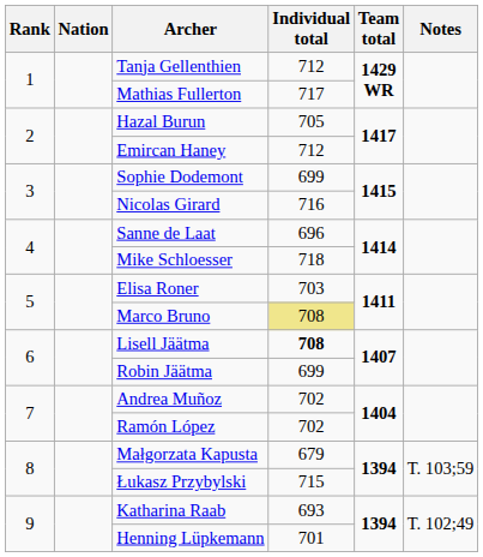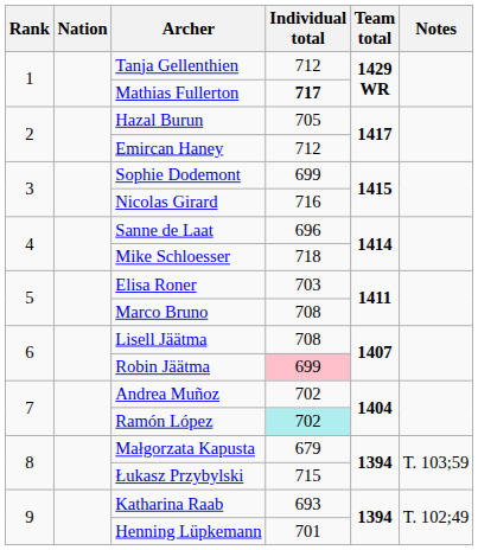 <table class="wikitable sortable" style="text-align:center">
 <tr>
 <th>Rank</th>
 <th>Nation</th>
 <th>Archer</th>
 <th>Individual<br>total</th>
 <th>Team<br>total</th>
 <th class=unsortable>Notes</th>
 </tr>
 <tr>
 <td rowspan=2>1</td>
 <td rowspan=2 align=left></td>
 <td align=left><a href='#'>Tanja Gellenthien</a></td>
 <td>712</td>
 <td rowspan=2><strong>1429<br>WR</strong></td>
 <td rowspan=2></td>
 </tr>
 <tr>
 <td align=left><a href='#'>Mathias Fullerton</a></td>
-<td>717</td>
+<td><strong>717</strong></td>
 </tr>
 <tr>
 <td rowspan=2>2</td>
 <td rowspan=2 align=left></td>
 <td align=left><a href='#'>Hazal Burun</a></td>
 <td>705</td>
 <td rowspan=2><strong>1417</strong></td>
 <td rowspan=2></td>
 </tr>
 <tr>
 <td align=left><a href='#'>Emircan Haney</a></td>
 <td>712</td>
 </tr>
 <tr>
 <td rowspan=2>3</td>
 <td rowspan=2 align=left></td>
 <td align=left><a href='#'>Sophie Dodemont</a></td>
 <td>699</td>
 <td rowspan=2><strong>1415</strong></td>
 <td rowspan=2></td>
 </tr>
 <tr>
 <td align=left><a href='#'>Nicolas Girard</a></td>
 <td>716</td>
 </tr>
 <tr>
 <td rowspan=2>4</td>
 <td rowspan=2 align=left></td>
 <td align=left><a href='#'>Sanne de Laat</a></td>
 <td>696</td>
 <td rowspan=2><strong>1414</strong></td>
 <td rowspan=2></td>
 </tr>
 <tr>
 <td align=left><a href='#'>Mike Schloesser</a></td>
 <td>718</td>
 </tr>
 <tr>
 <td rowspan=2>5</td>
 <td rowspan=2 align=left></td>
 <td align=left><a href='#'>Elisa Roner</a></td>
 <td>703</td>
 <td rowspan=2><strong>1411</strong></td>
 <td rowspan=2></td>
 </tr>
 <tr>
 <td align=left><a href='#'>Marco Bruno</a></td>
-<td style="background: khaki;">708</td>
+<td>708</td>
 </tr>
 <tr>
 <td rowspan=2>6</td>
 <td rowspan=2 align=left></td>
 <td align=left><a href='#'>Lisell Jäätma</a></td>
-<td><strong>708</strong></td>
+<td>708</td>
 <td rowspan=2><strong>1407</strong></td>
 <td rowspan=2></td>
 </tr>
 <tr>
 <td align=left><a href='#'>Robin Jäätma</a></td>
-<td>699</td>
+<td style="background: pink;">699</td>
 </tr>
 <tr>
 <td rowspan=2>7</td>
 <td rowspan=2 align=left></td>
 <td align=left><a href='#'>Andrea Muñoz</a></td>
 <td>702</td>
 <td rowspan=2><strong>1404</strong></td>
 <td rowspan=2></td>
 </tr>
 <tr>
 <td align=left><a href='#'>Ramón López</a></td>
-<td>702</td>
+<td style="background: paleturquoise;">702</td>
 </tr>
 <tr>
 <td rowspan=2>8</td>
 <td rowspan=2 align=left></td>
 <td align=left><a href='#'>Małgorzata Kapusta</a></td>
 <td>679</td>
 <td rowspan=2><strong>1394</strong></td>
 <td rowspan=2>T. 103;59</td>
 </tr>
 <tr>
 <td align=left><a href='#'>Łukasz Przybylski</a></td>
 <td>715</td>
 </tr>
 <tr>
 <td rowspan=2>9</td>
 <td rowspan=2 align=left></td>
 <td align=left><a href='#'>Katharina Raab</a></td>
 <td>693</td>
 <td rowspan=2><strong>1394</strong></td>
 <td rowspan=2>T. 102;49</td>
 </tr>
 <tr>
 <td align=left><a href='#'>Henning Lüpkemann</a></td>
 <td>701</td>
 </tr>
 </table>
